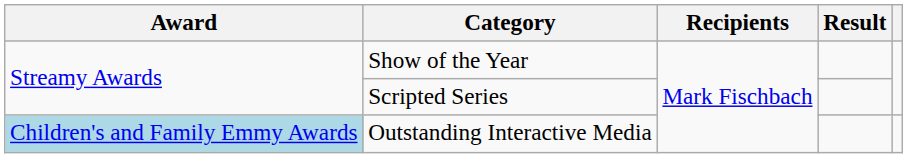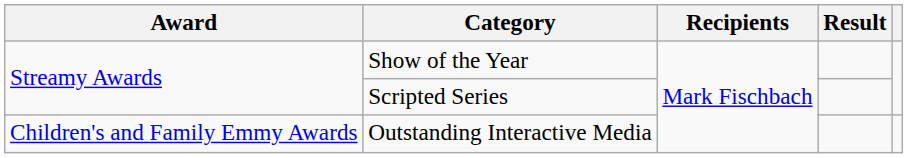 <table class="wikitable">
 <tr>
 <th>Award</th>
 <th>Category</th>
 <th>Recipients</th>
 <th>Result</th>
 <th scope="col" class="unsortable"></th>
 </tr>
 <tr>
 <td rowspan="2"><a href='#'>Streamy Awards</a></td>
 <td>Show of the Year</td>
 <td rowspan="3"><a href='#'>Mark Fischbach</a></td>
 <td></td>
 <td rowspan="2" style="text-align:center;"></td>
 </tr>
 <tr>
 <td>Scripted Series</td>
 <td></td>
 </tr>
 <tr>
-<td style="background: lightblue;"><a href='#'>Children's and Family Emmy Awards</a></td>
+<td><a href='#'>Children's and Family Emmy Awards</a></td>
 <td>Outstanding Interactive Media</td>
 <td></td>
 <td style="text-align:center;"></td>
 </tr>
 </table>
